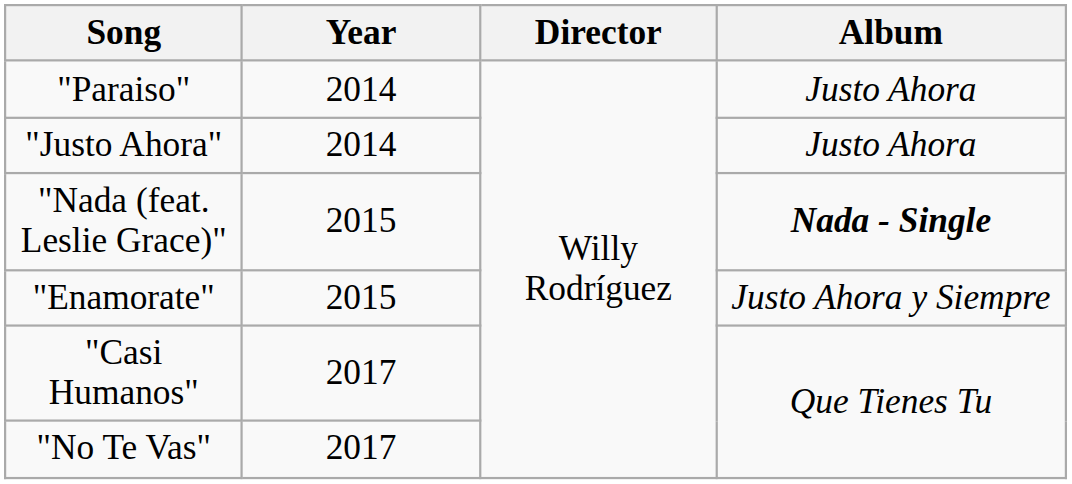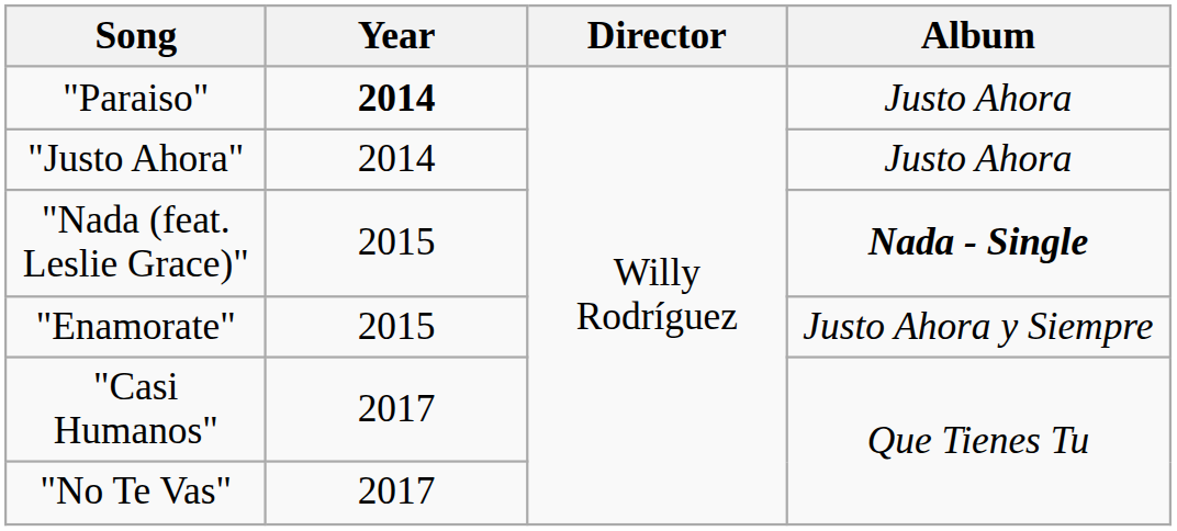 <table class="wikitable" style="text-align:center">
 <tr>
 <th width="100">Song</th>
 <th width="100">Year</th>
 <th width="100">Director</th>
 <th width="150">Album</th>
 </tr>
 <tr>
 <td>"Paraiso"</td>
-<td>2014</td>
+<td><strong>2014</strong></td>
 <td rowspan="6">Willy Rodríguez</td>
 <td><em>Justo Ahora</em></td>
 </tr>
 <tr>
 <td>"Justo Ahora"</td>
 <td>2014</td>
 <td><em>Justo Ahora</em></td>
 </tr>
 <tr>
 <td>"Nada (feat. Leslie Grace)"</td>
 <td>2015</td>
 <td><strong><em>Nada - Single</em></strong></td>
 </tr>
 <tr>
 <td>"Enamorate"</td>
 <td>2015</td>
 <td><em>Justo Ahora y Siempre</em></td>
 </tr>
 <tr>
 <td>"Casi Humanos"</td>
 <td>2017</td>
 <td rowspan="2"><em>Que Tienes Tu</em></td>
 </tr>
 <tr>
 <td>"No Te Vas"</td>
 <td>2017</td>
 </tr>
 </table>
